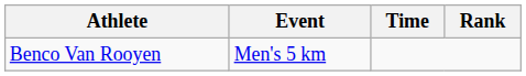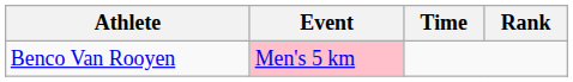 <table class="wikitable" style="text-align:center; font-size:90%; width:30%;">
 <tr>
 <th>Athlete</th>
 <th>Event</th>
 <th>Time</th>
 <th>Rank</th>
 </tr>
 <tr>
 <td align=left><a href='#'>Benco Van Rooyen</a></td>
-<td align=left><a href='#'>Men's 5 km</a></td>
+<td align=left style="background: pink;"><a href='#'>Men's 5 km</a></td>
 <td colspan=2></td>
 </tr>
 </table>
